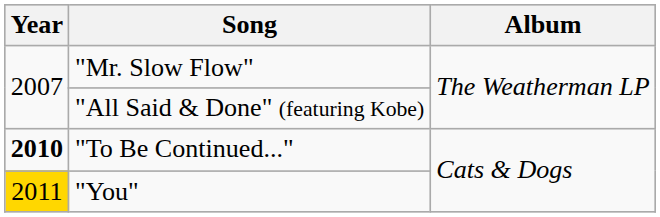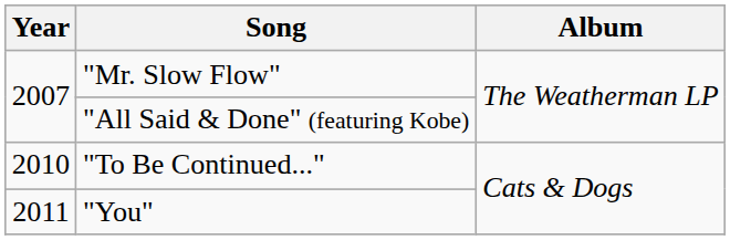 <table class="wikitable">
 <tr>
 <th>Year</th>
 <th>Song</th>
 <th>Album</th>
 </tr>
 <tr>
 <td style="text-align:center;" rowspan="2">2007</td>
 <td align="left">"Mr. Slow Flow"</td>
 <td style="text-align:left;" rowspan="2"><em>The Weatherman LP</em></td>
 </tr>
 <tr>
 <td align="left">"All Said & Done" <small>(featuring Kobe)</small></td>
 </tr>
 <tr>
-<td style="text-align:center;"><strong>2010</strong></td>
+<td style="text-align:center;">2010</td>
 <td align="left">"To Be Continued..."</td>
 <td style="text-align:left;" rowspan="2"><em>Cats & Dogs</em></td>
 </tr>
 <tr>
-<td style="background: gold; text-align:center;">2011</td>
+<td style="text-align:center;">2011</td>
 <td align="left">"You"</td>
 </tr>
 </table>
